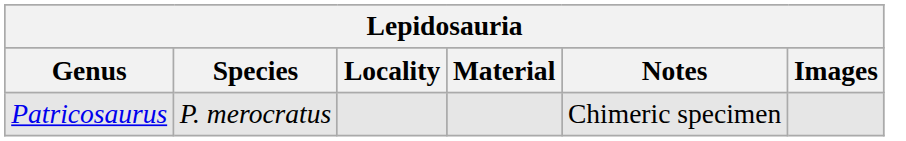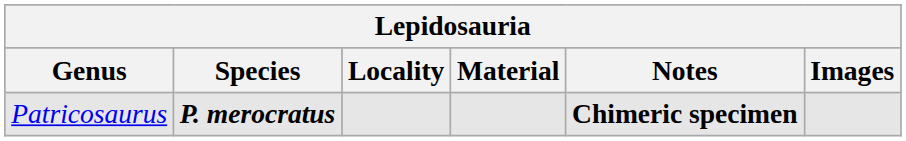 <table class="wikitable">
 <tr>
 <th colspan="6">Lepidosauria</th>
 </tr>
 <tr>
 <th>Genus</th>
 <th>Species</th>
 <th>Locality</th>
 <th>Material</th>
 <th>Notes</th>
 <th>Images</th>
 </tr>
 <tr>
 <td style="background:#E6E6E6;"><em><a href='#'>Patricosaurus</a></em></td>
-<td style="background:#E6E6E6;"><em>P. merocratus</em></td>
+<td style="background:#E6E6E6;"><strong><em>P. merocratus</em></strong></td>
 <td style="background:#E6E6E6;"></td>
 <td style="background:#E6E6E6;"></td>
-<td style="background:#E6E6E6;">Chimeric specimen</td>
+<td style="background:#E6E6E6;"><strong>Chimeric specimen</strong></td>
 <td style="background:#E6E6E6;"></td>
 </tr>
 </table>
